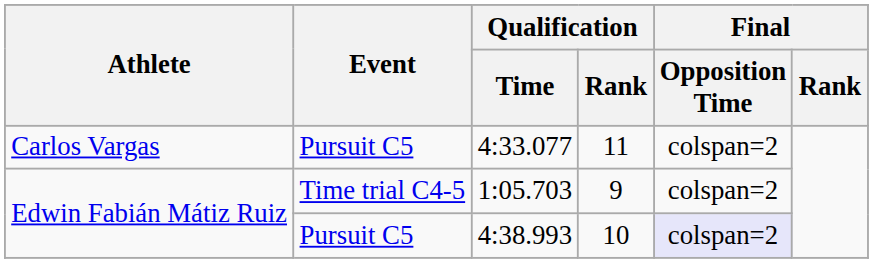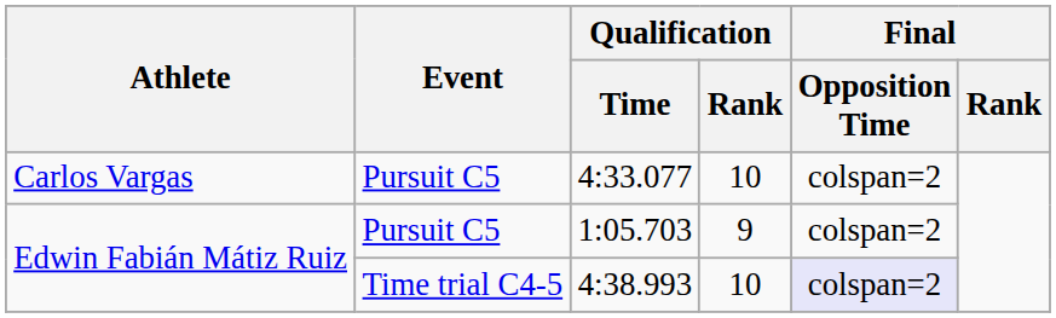 <table class=wikitable style="font-size:90%">
 <tr>
 <th rowspan="2">Athlete</th>
 <th rowspan="2">Event</th>
 <th colspan="2">Qualification</th>
 <th colspan="2">Final</th>
 </tr>
 <tr>
 <th>Time</th>
 <th>Rank</th>
 <th>Opposition<br>Time</th>
 <th>Rank</th>
 </tr>
 <tr style="text-align:center">
 <td style="text-align:left"><a href='#'>Carlos Vargas</a></td>
 <td style="text-align:left"><a href='#'>Pursuit C5</a></td>
 <td>4:33.077</td>
-<td>11</td>
+<td>10</td>
 <td>colspan=2 </td>
 </tr>
 <tr style="text-align:center">
 <td style="text-align:left" rowspan=2><a href='#'>Edwin Fabián Mátiz Ruiz</a></td>
-<td style="text-align:left"><a href='#'>Time trial C4-5</a></td>
+<td style="text-align:left"><a href='#'>Pursuit C5</a></td>
 <td>1:05.703</td>
 <td>9</td>
 <td>colspan=2 </td>
 </tr>
 <tr style="text-align:center">
-<td style="text-align:left"><a href='#'>Pursuit C5</a></td>
+<td style="text-align:left"><a href='#'>Time trial C4-5</a></td>
 <td>4:38.993</td>
 <td>10</td>
 <td style="background: lavender;">colspan=2 </td>
 </tr>
 </table>
